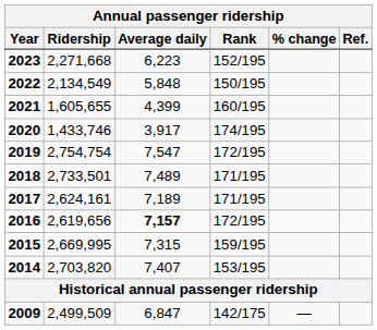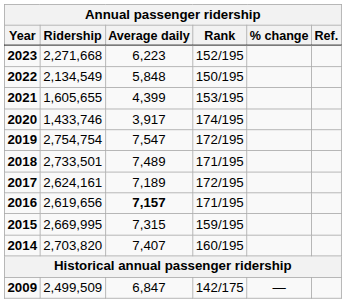 <table class="wikitable sortable" style="text-align:right;">
 <tr>
 <th colspan="6" style="background-color:#">Annual passenger ridership</th>
 </tr>
 <tr style="font-size:95%; text-align:center">
 <th style="border-bottom:1px solid black">Year</th>
 <th style="border-bottom:1px solid black">Ridership</th>
 <th style="border-bottom:1px solid black">Average daily</th>
 <th style="border-bottom:1px solid black">Rank</th>
 <th style="border-bottom:1px solid black">% change</th>
 <th style="border-bottom:1px solid black">Ref.</th>
 </tr>
 <tr style="text-align:center;">
 <td><strong>2023</strong></td>
 <td>2,271,668</td>
 <td>6,223</td>
 <td>152/195</td>
 <td></td>
 <td></td>
 </tr>
 <tr style="text-align:center;">
 <td><strong>2022</strong></td>
 <td>2,134,549</td>
 <td>5,848</td>
 <td>150/195</td>
 <td></td>
 <td></td>
 </tr>
 <tr style="text-align:center;">
 <td><strong>2021</strong></td>
 <td>1,605,655</td>
 <td>4,399</td>
-<td>160/195</td>
+<td>153/195</td>
 <td></td>
 <td></td>
 </tr>
 <tr style="text-align:center;">
 <td><strong>2020</strong></td>
 <td>1,433,746</td>
 <td>3,917</td>
 <td>174/195</td>
 <td></td>
 <td></td>
 </tr>
 <tr style="text-align:center;">
 <td><strong>2019</strong></td>
 <td>2,754,754</td>
 <td>7,547</td>
 <td>172/195</td>
 <td></td>
 <td></td>
 </tr>
 <tr style="text-align:center;">
 <td><strong>2018</strong></td>
 <td>2,733,501</td>
 <td>7,489</td>
 <td>171/195</td>
 <td></td>
 <td></td>
 </tr>
 <tr style="text-align:center;">
 <td><strong>2017</strong></td>
 <td>2,624,161</td>
 <td>7,189</td>
-<td>171/195</td>
+<td>172/195</td>
 <td></td>
 <td></td>
 </tr>
 <tr style="text-align:center;">
 <td><strong>2016</strong></td>
 <td>2,619,656</td>
 <td><strong>7,157</strong></td>
-<td>172/195</td>
+<td>171/195</td>
 <td></td>
 <td></td>
 </tr>
 <tr style="text-align:center;">
 <td><strong>2015</strong></td>
 <td>2,669,995</td>
 <td>7,315</td>
 <td>159/195</td>
 <td></td>
 <td></td>
 </tr>
 <tr style="text-align:center;">
 <td><strong>2014</strong></td>
 <td>2,703,820</td>
 <td>7,407</td>
-<td>153/195</td>
+<td>160/195</td>
 <td></td>
 <td></td>
 </tr>
 <tr>
 <th colspan="6" style="background-color:#">Historical annual passenger ridership</th>
 </tr>
 <tr style="text-align:center;">
 <td><strong>2009</strong></td>
 <td>2,499,509</td>
 <td>6,847</td>
 <td>142/175</td>
 <td>—</td>
 <td></td>
 </tr>
 </table>
